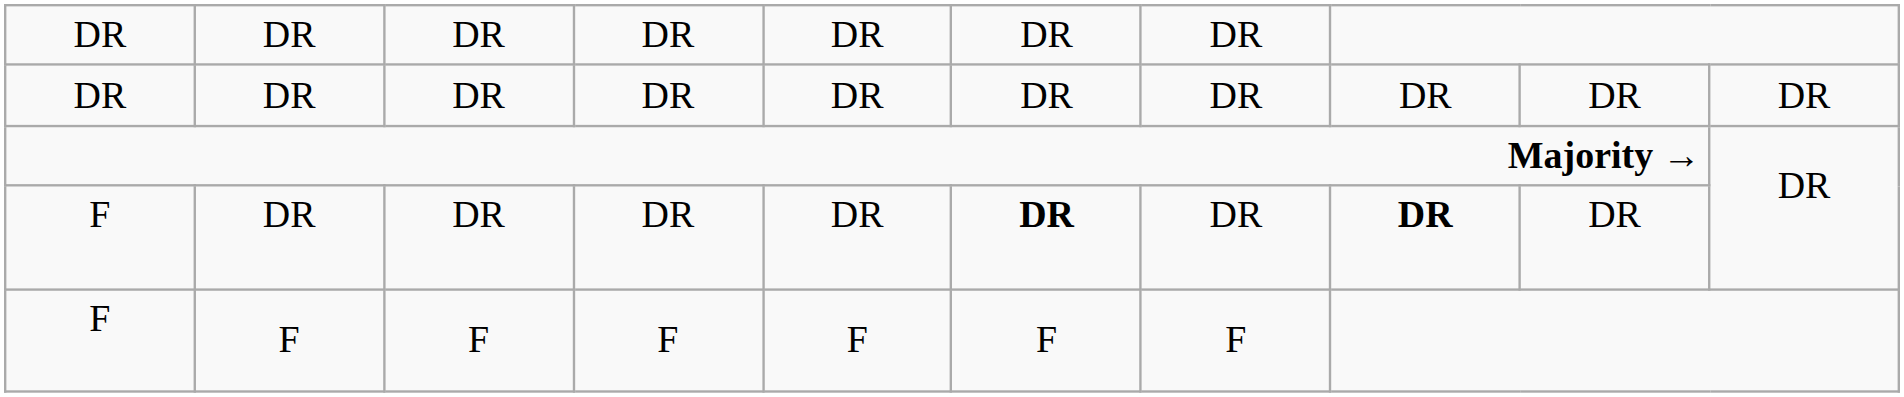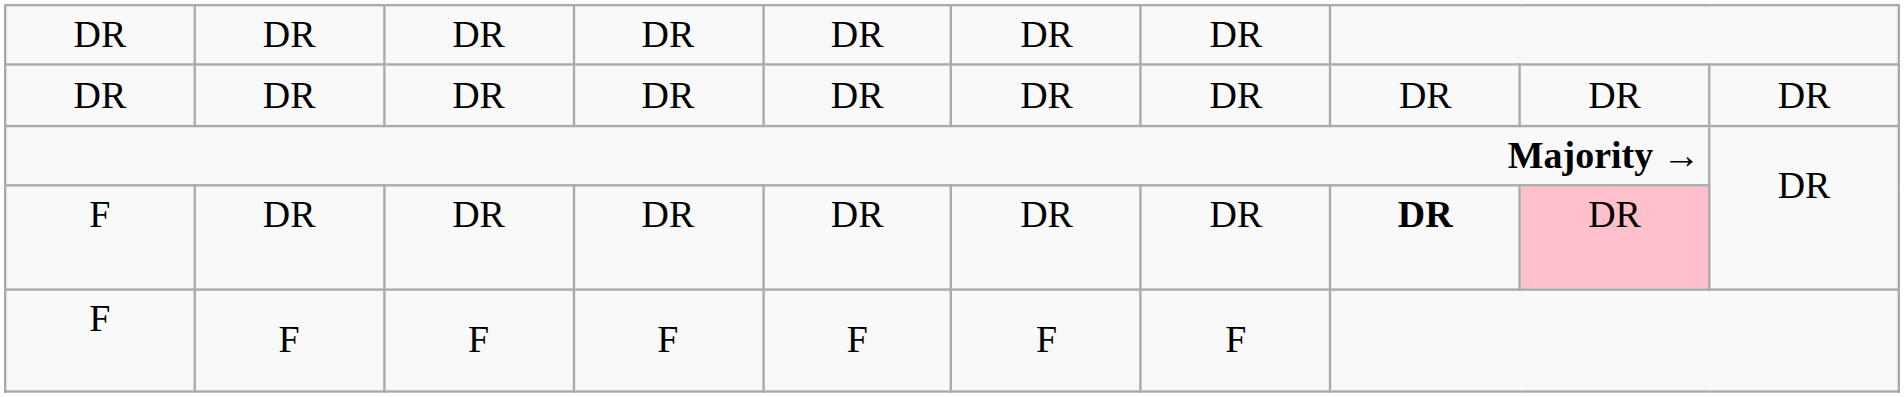 <table class="wikitable" style="text-align:center" width=800px>
 <tr>
 <td>DR</td>
 <td>DR</td>
 <td>DR</td>
 <td>DR</td>
 <td>DR</td>
 <td>DR</td>
 <td>DR</td>
 </tr>
 <tr>
 <td width=50px >DR</td>
 <td width=50px >DR</td>
 <td width=50px >DR</td>
 <td width=50px >DR</td>
 <td width=50px >DR</td>
 <td width=50px >DR</td>
 <td width=50px >DR</td>
 <td width=50px >DR</td>
 <td width=50px >DR</td>
 <td width=50px >DR</td>
 </tr>
 <tr>
 <td colspan=9 style="text-align:right"><strong>Majority →</strong></td>
 <td rowspan=2 >DR<br><br></td>
 </tr>
 <tr>
 <td>F<br><br></td>
 <td>DR<br><br></td>
 <td>DR<br><br></td>
 <td>DR<br><br></td>
 <td>DR<br><br></td>
-<td><strong>DR<br><br></strong></td>
+<td>DR<br><br></td>
 <td>DR<br><br></td>
 <td><strong>DR<br><br></strong></td>
-<td>DR<br><br></td>
+<td style="background: pink;">DR<br><br></td>
 </tr>
 <tr>
 <td>F<br><br></td>
 <td>F</td>
 <td>F</td>
 <td>F</td>
 <td>F</td>
 <td>F</td>
 <td>F</td>
 </tr>
 </table>
